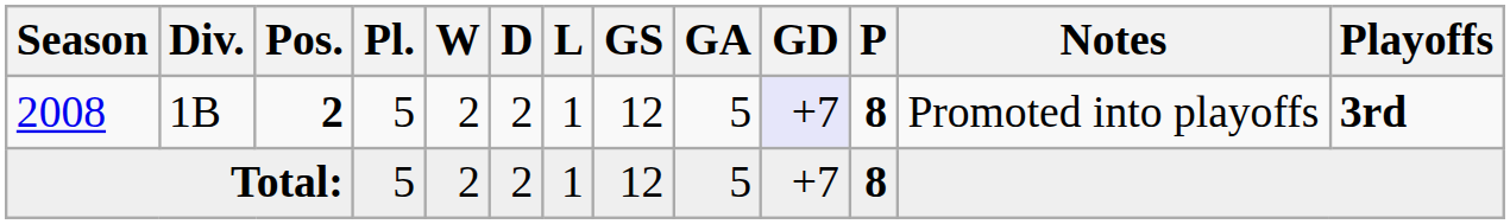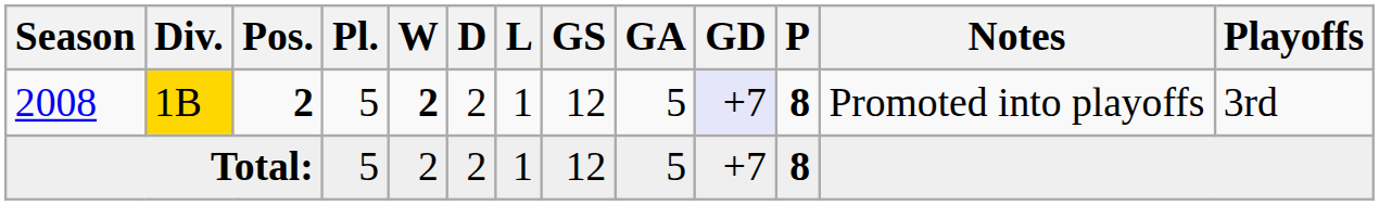 <table class="wikitable">
 <tr style="background:#efefef;">
 <th>Season</th>
 <th>Div.</th>
 <th>Pos.</th>
 <th>Pl.</th>
 <th>W</th>
 <th>D</th>
 <th>L</th>
 <th>GS</th>
 <th>GA</th>
 <th>GD</th>
 <th>P</th>
 <th>Notes</th>
 <th>Playoffs</th>
 </tr>
 <tr>
 <td><a href='#'>2008</a></td>
-<td>1B</td>
+<td style="background: gold;">1B</td>
 <td align=right><strong>2</strong></td>
 <td align=right>5</td>
-<td align=right>2</td>
+<td align=right><strong>2</strong></td>
 <td align=right>2</td>
 <td align=right>1</td>
 <td align=right>12</td>
 <td align=right>5</td>
 <td align=right style="background: lavender;">+7</td>
 <td align=right><strong>8</strong></td>
 <td>Promoted into playoffs</td>
-<td><strong>3rd</strong></td>
+<td>3rd</td>
 </tr>
 <tr style="background:#efefef">
 <td align=right colspan=3><strong>Total:</strong></td>
 <td align=right>5</td>
 <td align=right>2</td>
 <td align=right>2</td>
 <td align=right>1</td>
 <td align=right>12</td>
 <td align=right>5</td>
 <td align=right>+7</td>
 <td align=right><strong>8</strong></td>
 <td colspan=2 bgcolor=#efefef></td>
 </tr>
 </table>
